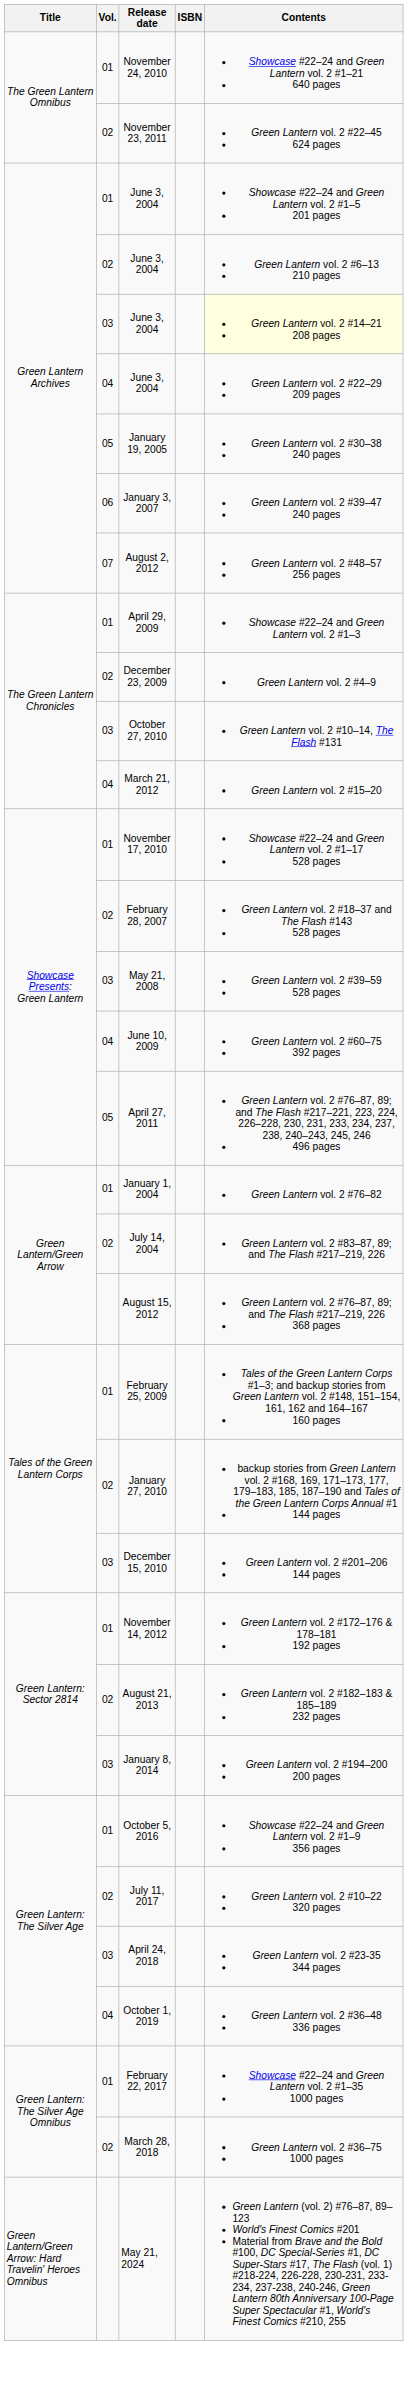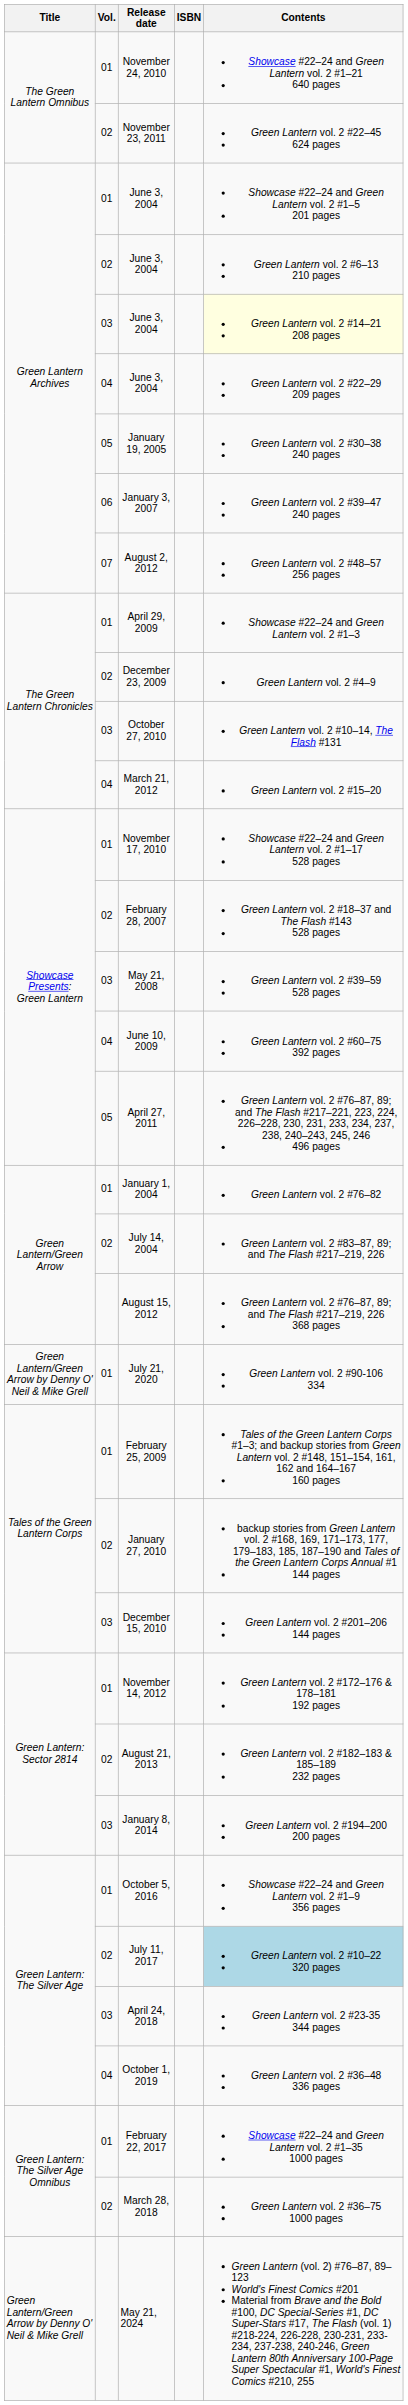 <table class="wikitable" style="width:100%;">
 <tr style="text-align: center;">
 <th>Title</th>
 <th>Vol.</th>
 <th>Release<br>date</th>
 <th>ISBN</th>
 <th>Contents</th>
 </tr>
 <tr style="text-align: center;">
 <td rowspan=2><em>The Green Lantern Omnibus</em></td>
 <td>01</td>
 <td>November 24, 2010</td>
 <td></td>
 <td><br><ul><li><em><a href='#'>Showcase</a></em> #22–24 and <em>Green Lantern</em> vol. 2 #1–21</li><li>640 pages</li></ul></td>
 </tr>
 <tr style="text-align: center;">
 <td>02</td>
 <td>November 23, 2011</td>
 <td></td>
 <td><br><ul><li><em>Green Lantern</em> vol. 2 #22–45</li><li>624 pages</li></ul></td>
 </tr>
 <tr style="text-align: center;">
 <td rowspan=7><em>Green Lantern Archives</em></td>
 <td>01</td>
 <td>June 3, 2004</td>
 <td></td>
 <td><br><ul><li><em>Showcase</em> #22–24 and <em>Green Lantern</em> vol. 2 #1–5</li><li>201 pages</li></ul></td>
 </tr>
 <tr style="text-align: center;">
 <td>02</td>
 <td>June 3, 2004</td>
 <td></td>
 <td><br><ul><li><em>Green Lantern</em> vol. 2 #6–13</li><li>210 pages</li></ul></td>
 </tr>
 <tr style="text-align: center;">
 <td>03</td>
 <td>June 3, 2004</td>
 <td></td>
 <td style="background: lightyellow;"><br><ul><li><em>Green Lantern</em> vol. 2 #14–21</li><li>208 pages</li></ul></td>
 </tr>
 <tr style="text-align: center;">
 <td>04</td>
 <td>June 3, 2004</td>
 <td></td>
 <td><br><ul><li><em>Green Lantern</em> vol. 2 #22–29</li><li>209 pages</li></ul></td>
 </tr>
 <tr style="text-align: center;">
 <td>05</td>
 <td>January 19, 2005</td>
 <td></td>
 <td><br><ul><li><em>Green Lantern</em> vol. 2 #30–38</li><li>240 pages</li></ul></td>
 </tr>
 <tr style="text-align: center;">
 <td>06</td>
 <td>January 3, 2007</td>
 <td></td>
 <td><br><ul><li><em>Green Lantern</em> vol. 2 #39–47</li><li>240 pages</li></ul></td>
 </tr>
 <tr style="text-align: center;">
 <td>07</td>
 <td>August 2, 2012</td>
 <td></td>
 <td><br><ul><li><em>Green Lantern</em> vol. 2 #48–57</li><li>256 pages</li></ul></td>
 </tr>
 <tr style="text-align: center;">
 <td rowspan=4><em>The Green Lantern Chronicles</em></td>
 <td>01</td>
 <td>April 29, 2009</td>
 <td></td>
 <td><br><ul><li><em>Showcase</em> #22–24 and <em>Green Lantern</em> vol. 2 #1–3</li></ul></td>
 </tr>
 <tr style="text-align: center;">
 <td>02</td>
 <td>December 23, 2009</td>
 <td></td>
 <td><br><ul><li><em>Green Lantern</em> vol. 2 #4–9</li></ul></td>
 </tr>
 <tr style="text-align: center;">
 <td>03</td>
 <td>October 27, 2010</td>
 <td></td>
 <td><br><ul><li><em>Green Lantern</em> vol. 2 #10–14, <em><a href='#'>The Flash</a></em> #131</li></ul></td>
 </tr>
 <tr style="text-align: center;">
 <td>04</td>
 <td>March 21, 2012</td>
 <td></td>
 <td><br><ul><li><em>Green Lantern</em> vol. 2 #15–20</li></ul></td>
 </tr>
 <tr style="text-align: center;">
 <td rowspan=5><em><a href='#'>Showcase Presents</a>:<br>Green Lantern</em></td>
 <td>01</td>
 <td>November 17, 2010</td>
 <td></td>
 <td><br><ul><li><em>Showcase</em> #22–24 and <em>Green Lantern</em> vol. 2 #1–17</li><li>528 pages</li></ul></td>
 </tr>
 <tr style="text-align: center;">
 <td>02</td>
 <td>February 28, 2007</td>
 <td></td>
 <td><br><ul><li><em>Green Lantern</em> vol. 2 #18–37 and <em>The Flash</em> #143</li><li>528 pages</li></ul></td>
 </tr>
 <tr style="text-align: center;">
 <td>03</td>
 <td>May 21, 2008</td>
 <td></td>
 <td><br><ul><li><em>Green Lantern</em> vol. 2 #39–59</li><li>528 pages</li></ul></td>
 </tr>
 <tr style="text-align: center;">
 <td>04</td>
 <td>June 10, 2009</td>
 <td></td>
 <td><br><ul><li><em>Green Lantern</em> vol. 2 #60–75</li><li>392 pages</li></ul></td>
 </tr>
 <tr style="text-align: center;">
 <td>05</td>
 <td>April 27, 2011</td>
 <td></td>
 <td><br><ul><li><em>Green Lantern</em> vol. 2 #76–87, 89; and <em>The Flash</em> #217–221, 223, 224, 226–228, 230, 231, 233, 234, 237, 238, 240–243, 245, 246</li><li>496 pages</li></ul></td>
 </tr>
 <tr style="text-align: center;">
 <td rowspan=3><em>Green Lantern/Green Arrow</em></td>
 <td>01</td>
 <td>January 1, 2004</td>
 <td></td>
 <td><br><ul><li><em>Green Lantern</em> vol. 2 #76–82</li></ul></td>
 </tr>
 <tr style="text-align: center;">
 <td>02</td>
 <td>July 14, 2004</td>
 <td></td>
 <td><br><ul><li><em>Green Lantern</em> vol. 2 #83–87, 89; and <em>The Flash</em> #217–219, 226</li></ul></td>
 </tr>
 <tr style="text-align: center;">
 <td></td>
 <td>August 15, 2012</td>
 <td></td>
 <td><br><ul><li><em>Green Lantern</em> vol. 2 #76–87, 89; and <em>The Flash</em> #217–219, 226</li><li>368 pages</li></ul></td>
 </tr>
 <tr style="text-align: center;">
+<td><em>Green Lantern/Green Arrow by Denny O' Neil & Mike Grell</em></td>
+<td>01</td>
+<td>July 21, 2020</td>
+<td></td>
+<td><br><ul><li><em>Green Lantern</em> vol. 2 #90-106</li><li>334</li></ul></td>
+</tr>
+<tr style="text-align: center;">
 <td rowspan=3><em>Tales of the Green Lantern Corps</em></td>
 <td>01</td>
 <td>February 25, 2009</td>
 <td></td>
 <td><br><ul><li><em>Tales of the Green Lantern Corps</em> #1–3; and backup stories from <em>Green Lantern</em> vol. 2 #148, 151–154, 161, 162 and 164–167</li><li>160 pages</li></ul></td>
 </tr>
 <tr style="text-align: center;">
 <td>02</td>
 <td>January 27, 2010</td>
 <td></td>
 <td><br><ul><li>backup stories from <em>Green Lantern</em> vol. 2 #168, 169, 171–173, 177, 179–183, 185, 187–190 and <em>Tales of the Green Lantern Corps Annual</em> #1</li><li>144 pages</li></ul></td>
 </tr>
 <tr style="text-align: center;">
 <td>03</td>
 <td>December 15, 2010</td>
 <td></td>
 <td><br><ul><li><em>Green Lantern</em> vol. 2 #201–206</li><li>144 pages</li></ul></td>
 </tr>
 <tr style="text-align: center;">
 <td rowspan=3><em>Green Lantern: Sector 2814</em></td>
 <td>01</td>
 <td>November 14, 2012</td>
 <td></td>
 <td><br><ul><li><em>Green Lantern</em> vol. 2 #172–176 & 178–181</li><li>192 pages</li></ul></td>
 </tr>
 <tr style="text-align: center;">
 <td>02</td>
 <td>August 21, 2013</td>
 <td></td>
 <td><br><ul><li><em>Green Lantern</em> vol. 2 #182–183 & 185–189</li><li>232 pages</li></ul></td>
 </tr>
 <tr style="text-align: center;">
 <td>03</td>
 <td>January 8, 2014</td>
 <td></td>
 <td><br><ul><li><em>Green Lantern</em> vol. 2 #194–200</li><li>200 pages</li></ul></td>
 </tr>
 <tr style="text-align: center;">
 <td rowspan=4><em>Green Lantern: The Silver Age</em></td>
 <td>01</td>
 <td>October 5, 2016</td>
 <td></td>
 <td><br><ul><li><em>Showcase</em> #22–24 and <em>Green Lantern</em> vol. 2 #1–9</li><li>356 pages</li></ul></td>
 </tr>
 <tr style="text-align: center;">
 <td>02</td>
 <td>July 11, 2017</td>
 <td></td>
-<td><br><ul><li><em>Green Lantern</em> vol. 2 #10–22</li><li>320 pages</li></ul></td>
+<td style="background: lightblue;"><br><ul><li><em>Green Lantern</em> vol. 2 #10–22</li><li>320 pages</li></ul></td>
 </tr>
 <tr style="text-align: center;">
 <td>03</td>
 <td>April 24, 2018</td>
 <td></td>
 <td><br><ul><li><em>Green Lantern</em> vol. 2 #23-35</li><li>344 pages</li></ul></td>
 </tr>
 <tr style="text-align: center;">
 <td>04</td>
 <td>October 1, 2019</td>
 <td></td>
 <td><br><ul><li><em>Green Lantern</em> vol. 2 #36–48</li><li>336 pages</li></ul></td>
 </tr>
 <tr style="text-align: center;">
 <td rowspan=2><em>Green Lantern: The Silver Age Omnibus</em></td>
 <td>01</td>
 <td>February 22, 2017</td>
 <td></td>
 <td><br><ul><li><em><a href='#'>Showcase</a></em> #22–24 and <em>Green Lantern</em> vol. 2 #1–35</li><li>1000 pages</li></ul></td>
 </tr>
 <tr style="text-align: center;">
 <td>02</td>
 <td>March 28, 2018</td>
 <td></td>
 <td><br><ul><li><em>Green Lantern</em> vol. 2 #36–75</li><li>1000 pages</li></ul></td>
 </tr>
 <tr>
-<td><em>Green Lantern/Green Arrow: Hard Travelin' Heroes</em> <em>Omnibus</em></td>
+<td><em>Green Lantern/Green Arrow by Denny O' Neil & Mike Grell</em></td>
 <td></td>
 <td>May 21, 2024</td>
 <td></td>
 <td><br><ul><li><em>Green Lantern</em> (vol. 2) #76–87, 89–123</li><li><em>World's Finest Comics</em> #201</li><li>Material from <em>Brave and the Bold</em> #100, <em>DC Special-Series</em> #1, <em>DC Super-Stars</em> #17, <em>The Flash</em> (vol. 1) #218-224, 226-228, 230-231, 233-234, 237-238, 240-246, <em>Green Lantern 80th Anniversary 100-Page Super Spectacular</em> #1, <em>World's Finest Comics</em> #210, 255</li></ul></td>
 </tr>
 </table>
